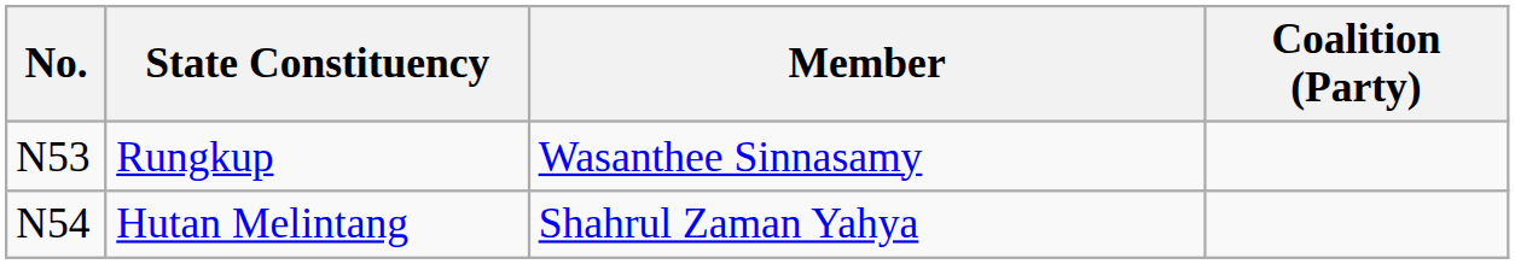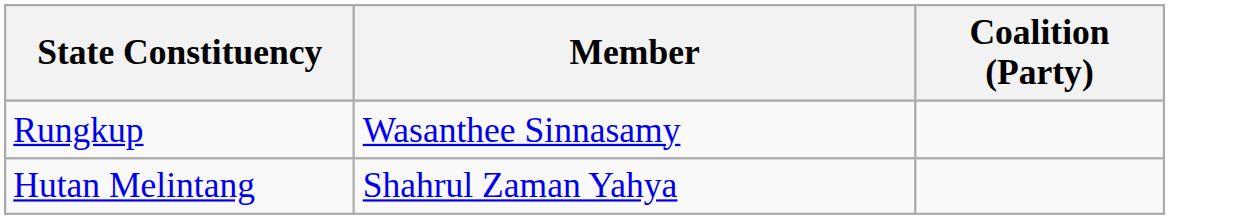 <table class="wikitable">
 <tr>
-<th width="30">No.</th>
 <th width="150">State Constituency</th>
 <th width="245">Member</th>
 <th width="105">Coalition (Party)</th>
 </tr>
 <tr>
-<td>N53</td>
 <td><a href='#'>Rungkup</a></td>
 <td><a href='#'>Wasanthee Sinnasamy</a></td>
 <td></td>
 </tr>
 <tr>
-<td>N54</td>
 <td><a href='#'>Hutan Melintang</a></td>
 <td><a href='#'>Shahrul Zaman Yahya</a></td>
 <td></td>
 </tr>
 </table>
